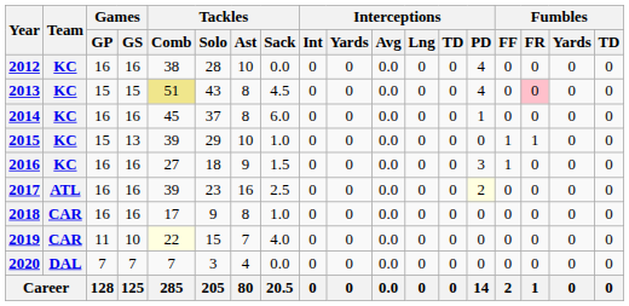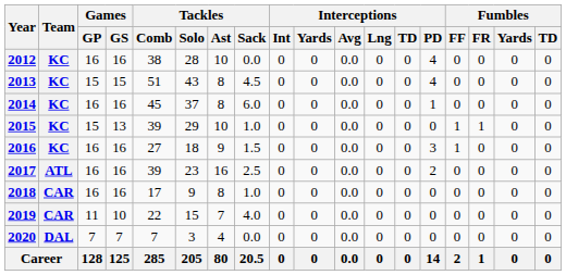 <table class="wikitable" style="text-align:center">
 <tr>
 <th rowspan="2">Year</th>
 <th rowspan="2">Team</th>
 <th colspan="2">Games</th>
 <th colspan="4">Tackles</th>
 <th colspan="6">Interceptions</th>
 <th colspan="4">Fumbles</th>
 </tr>
 <tr>
 <th>GP</th>
 <th>GS</th>
 <th>Comb</th>
 <th>Solo</th>
 <th>Ast</th>
 <th>Sack</th>
 <th>Int</th>
 <th>Yards</th>
 <th>Avg</th>
 <th>Lng</th>
 <th>TD</th>
 <th>PD</th>
 <th>FF</th>
 <th>FR</th>
 <th>Yards</th>
 <th>TD</th>
 </tr>
 <tr>
 <th><a href='#'>2012</a></th>
 <th><a href='#'>KC</a></th>
 <td>16</td>
 <td>16</td>
 <td>38</td>
 <td>28</td>
 <td>10</td>
 <td>0.0</td>
 <td>0</td>
 <td>0</td>
 <td>0.0</td>
 <td>0</td>
 <td>0</td>
 <td>4</td>
 <td>0</td>
 <td>0</td>
 <td>0</td>
 <td>0</td>
 </tr>
 <tr>
 <th><a href='#'>2013</a></th>
 <th><a href='#'>KC</a></th>
 <td>15</td>
 <td>15</td>
-<td style="background: khaki;">51</td>
+<td>51</td>
 <td>43</td>
 <td>8</td>
 <td>4.5</td>
 <td>0</td>
 <td>0</td>
 <td>0.0</td>
 <td>0</td>
 <td>0</td>
 <td>4</td>
 <td>0</td>
-<td style="background: pink;">0</td>
+<td>0</td>
 <td>0</td>
 <td>0</td>
 </tr>
 <tr>
 <th><a href='#'>2014</a></th>
 <th><a href='#'>KC</a></th>
 <td>16</td>
 <td>16</td>
 <td>45</td>
 <td>37</td>
 <td>8</td>
 <td>6.0</td>
 <td>0</td>
 <td>0</td>
 <td>0.0</td>
 <td>0</td>
 <td>0</td>
 <td>1</td>
 <td>0</td>
 <td>0</td>
 <td>0</td>
 <td>0</td>
 </tr>
 <tr>
 <th><a href='#'>2015</a></th>
 <th><a href='#'>KC</a></th>
 <td>15</td>
 <td>13</td>
 <td>39</td>
 <td>29</td>
 <td>10</td>
 <td>1.0</td>
 <td>0</td>
 <td>0</td>
 <td>0.0</td>
 <td>0</td>
 <td>0</td>
 <td>0</td>
 <td>1</td>
 <td>1</td>
 <td>0</td>
 <td>0</td>
 </tr>
 <tr>
 <th><a href='#'>2016</a></th>
 <th><a href='#'>KC</a></th>
 <td>16</td>
 <td>16</td>
 <td>27</td>
 <td>18</td>
 <td>9</td>
 <td>1.5</td>
 <td>0</td>
 <td>0</td>
 <td>0.0</td>
 <td>0</td>
 <td>0</td>
 <td>3</td>
 <td>1</td>
 <td>0</td>
 <td>0</td>
 <td>0</td>
 </tr>
 <tr>
 <th><a href='#'>2017</a></th>
 <th><a href='#'>ATL</a></th>
 <td>16</td>
 <td>16</td>
 <td>39</td>
 <td>23</td>
 <td>16</td>
 <td>2.5</td>
 <td>0</td>
 <td>0</td>
 <td>0.0</td>
 <td>0</td>
 <td>0</td>
-<td style="background: lightyellow;">2</td>
+<td>2</td>
 <td>0</td>
 <td>0</td>
 <td>0</td>
 <td>0</td>
 </tr>
 <tr>
 <th><a href='#'>2018</a></th>
 <th><a href='#'>CAR</a></th>
 <td>16</td>
 <td>16</td>
 <td>17</td>
 <td>9</td>
 <td>8</td>
 <td>1.0</td>
 <td>0</td>
 <td>0</td>
 <td>0.0</td>
 <td>0</td>
 <td>0</td>
 <td>0</td>
 <td>0</td>
 <td>0</td>
 <td>0</td>
 <td>0</td>
 </tr>
 <tr>
 <th><a href='#'>2019</a></th>
 <th><a href='#'>CAR</a></th>
 <td>11</td>
 <td>10</td>
-<td style="background: lightyellow;">22</td>
+<td>22</td>
 <td>15</td>
 <td>7</td>
 <td>4.0</td>
 <td>0</td>
 <td>0</td>
 <td>0.0</td>
 <td>0</td>
 <td>0</td>
 <td>0</td>
 <td>0</td>
 <td>0</td>
 <td>0</td>
 <td>0</td>
 </tr>
 <tr>
 <th><a href='#'>2020</a></th>
 <th><a href='#'>DAL</a></th>
 <td>7</td>
 <td>7</td>
 <td>7</td>
 <td>3</td>
 <td>4</td>
 <td>0.0</td>
 <td>0</td>
 <td>0</td>
 <td>0.0</td>
 <td>0</td>
 <td>0</td>
 <td>0</td>
 <td>0</td>
 <td>0</td>
 <td>0</td>
 <td>0</td>
 </tr>
 <tr>
 <th colspan="2">Career</th>
 <th>128</th>
 <th>125</th>
 <th>285</th>
 <th>205</th>
 <th>80</th>
 <th>20.5</th>
 <th>0</th>
 <th>0</th>
 <th>0.0</th>
 <th>0</th>
 <th>0</th>
 <th>14</th>
 <th>2</th>
 <th>1</th>
 <th>0</th>
 <th>0</th>
 </tr>
 </table>
